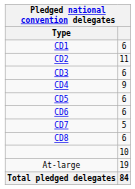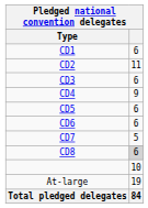 <table class="wikitable sortable" style="font-size:90%;text-align:center;float:right;padding:5px;">
 <tr>
 <th colspan="2">Pledged <a href='#'>national<br>convention</a> delegates</th>
 </tr>
 <tr>
 <th>Type</th>
 <th></th>
 </tr>
 <tr>
 <td><a href='#'>CD1</a></td>
 <td>6</td>
 </tr>
 <tr>
 <td><a href='#'>CD2</a></td>
 <td>11</td>
 </tr>
 <tr>
 <td><a href='#'>CD3</a></td>
 <td>6</td>
 </tr>
 <tr>
 <td><a href='#'>CD4</a></td>
 <td>9</td>
 </tr>
 <tr>
 <td><a href='#'>CD5</a></td>
 <td>6</td>
 </tr>
 <tr>
 <td><a href='#'>CD6</a></td>
 <td>6</td>
 </tr>
 <tr>
 <td><a href='#'>CD7</a></td>
 <td>5</td>
 </tr>
 <tr>
 <td><a href='#'>CD8</a></td>
-<td>6</td>
+<td style="background: lightgrey;">6</td>
 </tr>
 <tr>
 <td></td>
 <td>10</td>
 </tr>
 <tr>
 <td>At-large</td>
 <td>19</td>
 </tr>
 <tr>
 <th>Total pledged delegates</th>
 <th>84</th>
 </tr>
 </table>
